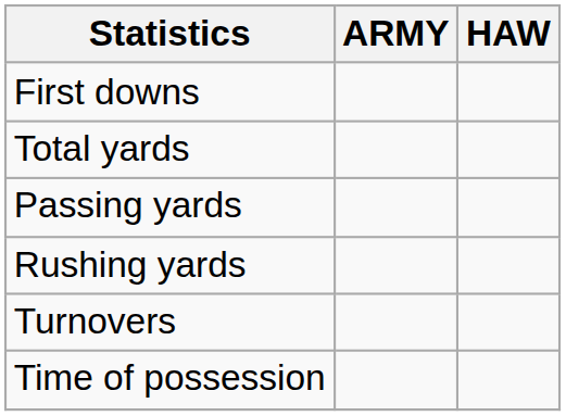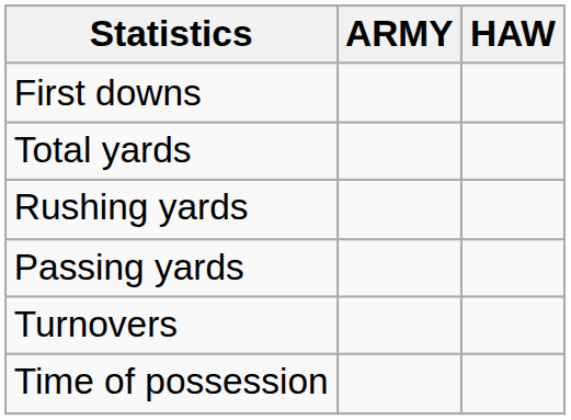 <table class="wikitable">
 <tr>
 <th>Statistics</th>
 <th>ARMY</th>
 <th>HAW</th>
 </tr>
 <tr>
 <td>First downs</td>
 <td></td>
 <td></td>
 </tr>
 <tr>
 <td>Total yards</td>
 <td></td>
 <td></td>
 </tr>
 <tr>
-<td>Passing yards</td>
+<td>Rushing yards</td>
 <td></td>
 <td></td>
 </tr>
 <tr>
-<td>Rushing yards</td>
+<td>Passing yards</td>
 <td></td>
 <td></td>
 </tr>
 <tr>
 <td>Turnovers</td>
 <td></td>
 <td></td>
 </tr>
 <tr>
 <td>Time of possession</td>
 <td></td>
 <td></td>
 </tr>
 <tr>
 </tr>
 </table>
